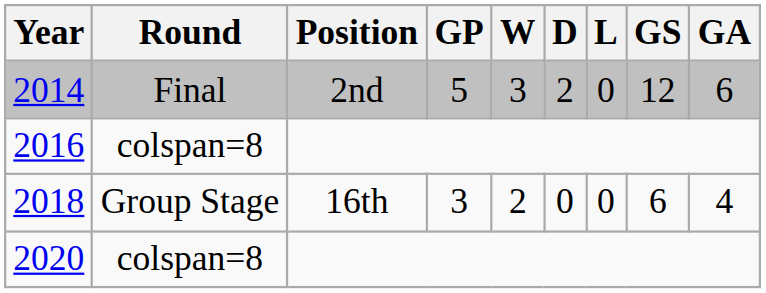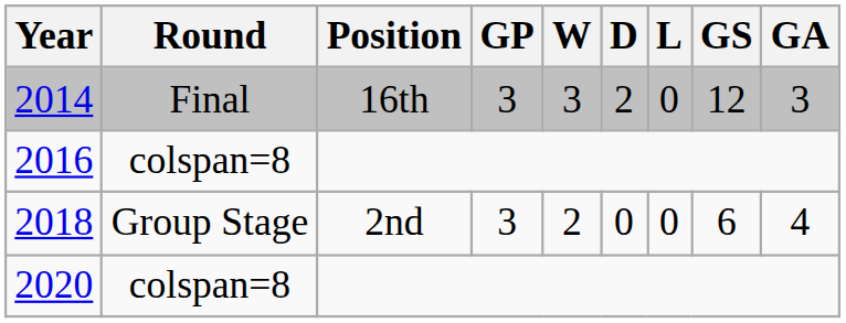 <table class="wikitable" style="text-align:center">
 <tr>
 <th>Year</th>
 <th>Round</th>
 <th>Position</th>
 <th>GP</th>
 <th>W</th>
 <th>D</th>
 <th>L</th>
 <th>GS</th>
 <th>GA</th>
 </tr>
 <tr bgcolor=silver>
 <td> <a href='#'>2014</a></td>
 <td>Final</td>
-<td>2nd</td>
-<td>5</td>
+<td>16th</td>
+<td>3</td>
 <td>3</td>
 <td>2</td>
 <td>0</td>
 <td>12</td>
-<td>6</td>
+<td>3</td>
 </tr>
 <tr>
 <td> <a href='#'>2016</a></td>
 <td>colspan=8</td>
 </tr>
 <tr>
 <td> <a href='#'>2018</a></td>
 <td>Group Stage</td>
-<td>16th</td>
+<td>2nd</td>
 <td>3</td>
 <td>2</td>
 <td>0</td>
 <td>0</td>
 <td>6</td>
 <td>4</td>
 </tr>
 <tr>
 <td> <a href='#'>2020</a></td>
 <td>colspan=8</td>
 </tr>
 </table>
